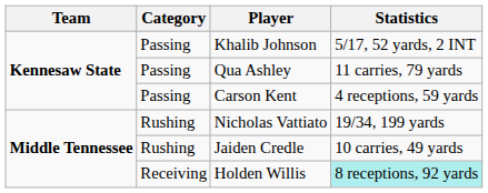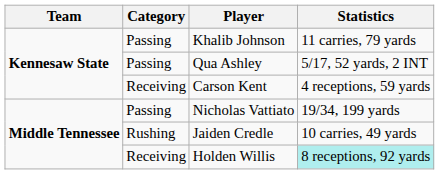 <table class="wikitable" style="float: right;">
 <tr>
 <th>Team</th>
 <th>Category</th>
 <th>Player</th>
 <th>Statistics</th>
 </tr>
 <tr>
 <td rowspan=3><strong>Kennesaw State</strong></td>
 <td>Passing</td>
 <td>Khalib Johnson</td>
-<td>5/17, 52 yards, 2 INT</td>
+<td>11 carries, 79 yards</td>
 </tr>
 <tr>
 <td>Passing</td>
 <td>Qua Ashley</td>
-<td>11 carries, 79 yards</td>
+<td>5/17, 52 yards, 2 INT</td>
 </tr>
 <tr>
-<td>Passing</td>
+<td>Receiving</td>
 <td>Carson Kent</td>
 <td>4 receptions, 59 yards</td>
 </tr>
 <tr>
 <td rowspan=3><strong>Middle Tennessee</strong></td>
-<td>Rushing</td>
+<td>Passing</td>
 <td>Nicholas Vattiato</td>
 <td>19/34, 199 yards</td>
 </tr>
 <tr>
 <td>Rushing</td>
 <td>Jaiden Credle</td>
 <td>10 carries, 49 yards</td>
 </tr>
 <tr>
 <td>Receiving</td>
 <td>Holden Willis</td>
 <td style="background: paleturquoise;">8 receptions, 92 yards</td>
 </tr>
 </table>
